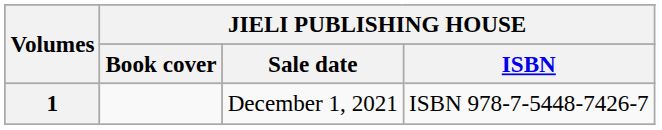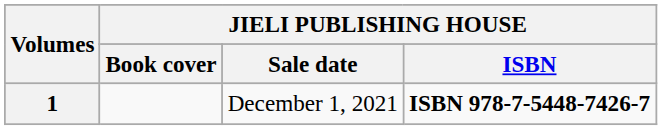 <table class=wikitable style="font-size:small;">
 <tr>
 <th rowspan="2">Volumes</th>
 <th colspan="3"> JIELI PUBLISHING HOUSE</th>
 </tr>
 <tr>
 <th>Book cover</th>
 <th>Sale date</th>
 <th><a href='#'>ISBN</a></th>
 </tr>
 <tr>
 <th>1</th>
 <td></td>
 <td>December 1, 2021</td>
-<td>ISBN 978-7-5448-7426-7</td>
+<td><strong>ISBN 978-7-5448-7426-7</strong></td>
 </tr>
 </table>
